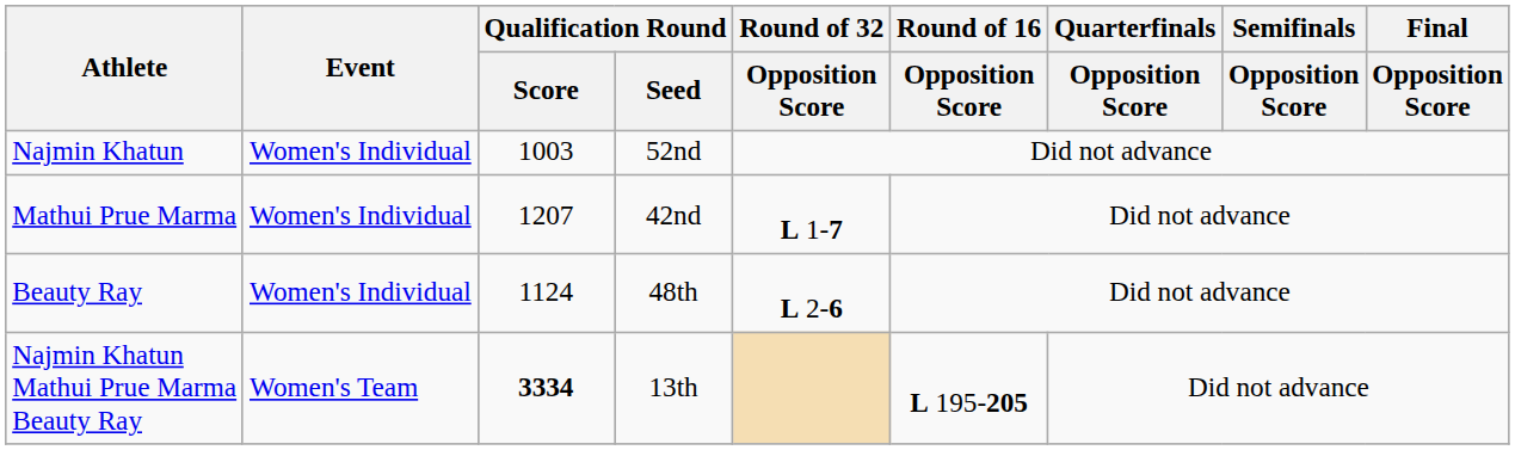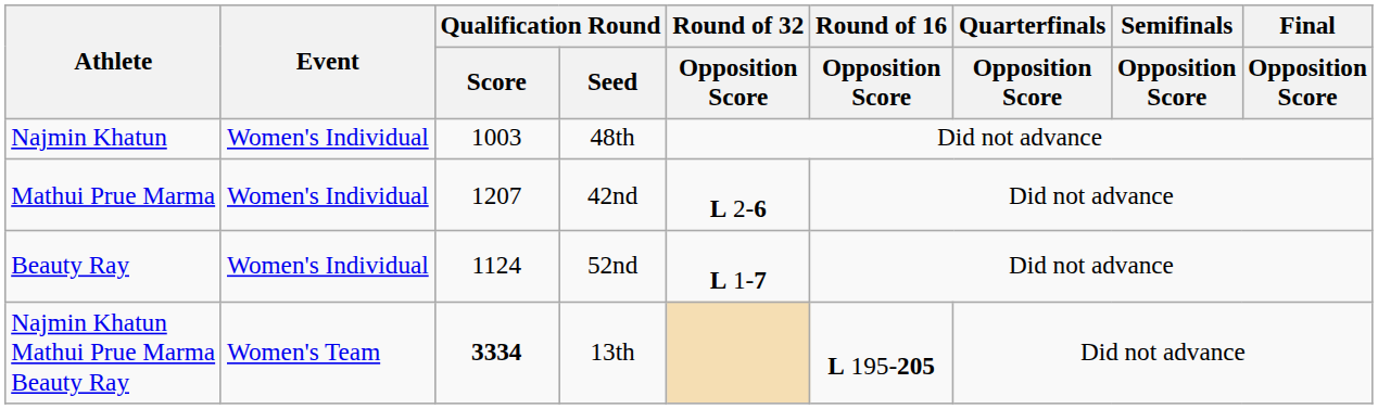 <table class="wikitable" style="font-size:90%">
 <tr>
 <th rowspan="2">Athlete</th>
 <th rowspan="2">Event</th>
 <th colspan="2">Qualification Round</th>
 <th>Round of 32</th>
 <th>Round of 16</th>
 <th>Quarterfinals</th>
 <th>Semifinals</th>
 <th>Final</th>
 </tr>
 <tr>
 <th>Score</th>
 <th>Seed</th>
 <th>Opposition<br>Score</th>
 <th>Opposition<br>Score</th>
 <th>Opposition<br>Score</th>
 <th>Opposition<br>Score</th>
 <th>Opposition<br>Score</th>
 </tr>
 <tr>
 <td><a href='#'>Najmin Khatun</a></td>
 <td><a href='#'>Women's Individual</a></td>
 <td align=center>1003</td>
-<td align=center>52nd</td>
+<td align=center>48th</td>
 <td align=center colspan="7">Did not advance</td>
 </tr>
 <tr>
 <td><a href='#'>Mathui Prue Marma</a></td>
 <td><a href='#'>Women's Individual</a></td>
 <td align=center>1207</td>
 <td align=center>42nd</td>
-<td align=center><br><strong>L</strong> 1-<strong>7</strong></td>
+<td align=center><br><strong>L</strong> 2-<strong>6</strong></td>
 <td align=center colspan="7">Did not advance</td>
 </tr>
 <tr>
 <td><a href='#'>Beauty Ray</a></td>
 <td><a href='#'>Women's Individual</a></td>
 <td align=center>1124</td>
-<td align=center>48th</td>
-<td align=center><br><strong>L</strong> 2-<strong>6</strong></td>
+<td align=center>52nd</td>
+<td align=center><br><strong>L</strong> 1-<strong>7</strong></td>
 <td align=center colspan="7">Did not advance</td>
 </tr>
 <tr>
 <td><a href='#'>Najmin Khatun</a><br><a href='#'>Mathui Prue Marma</a><br><a href='#'>Beauty Ray</a></td>
 <td><a href='#'>Women's Team</a></td>
 <td align=center><strong>3334</strong></td>
 <td align=center>13th</td>
 <td align="center" bgcolor=wheat></td>
 <td align=center><br><strong>L</strong> 195-<strong>205</strong></td>
 <td align=center colspan="7">Did not advance</td>
 </tr>
 </table>
